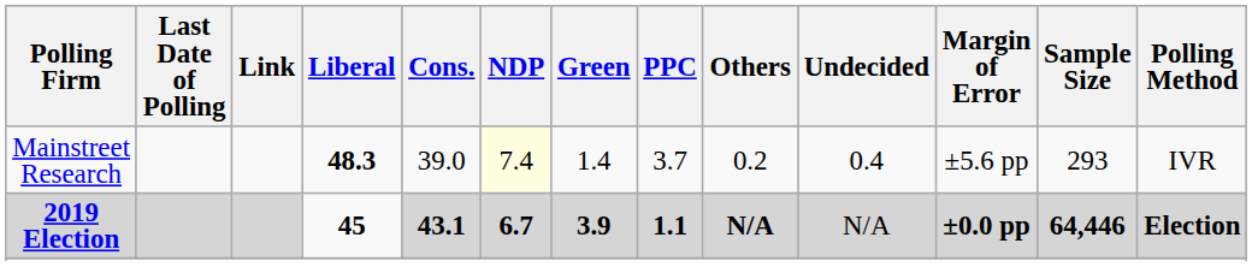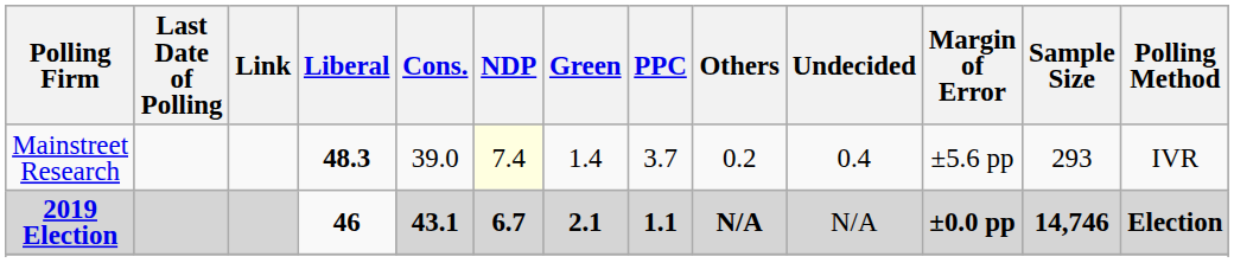 <table class="wikitable sortable" style="text-align:center;font-size:90%;line-height:14px;">
 <tr style="background:#e9e9e9;">
 <th style="width:120px">Polling Firm</th>
 <th style="width:110px">Last Date<br>of Polling</th>
 <th style="width:60px" class="unsortable">Link</th>
 <th style="background-color:"><a href='#'>Liberal</a></th>
 <th style="background-color:"><a href='#'>Cons.</a></th>
 <th style="background-color:"><a href='#'>NDP</a></th>
 <th style="background-color:"><a href='#'>Green</a></th>
 <th style="background-color:"><a href='#'><span>PPC</span></a></th>
 <th style="background-color:">Others</th>
 <th style="background-color:">Undecided</th>
 <th style="width:60px;" class=unsortable>Margin<br>of Error</th>
 <th style="width:50px;" class=unsortable>Sample<br>Size</th>
 <th class=unsortable>Polling Method</th>
 </tr>
 <tr>
 <td><a href='#'>Mainstreet Research</a></td>
 <td></td>
 <td></td>
 <td><strong>48.3</strong></td>
 <td>39.0</td>
 <td style="background: lightyellow;">7.4</td>
 <td>1.4</td>
 <td>3.7</td>
 <td>0.2</td>
 <td>0.4</td>
 <td>±5.6 pp</td>
 <td>293</td>
 <td>IVR</td>
 </tr>
 <tr>
 <td style="background:#D5D5D5"><strong><a href='#'>2019 Election</a></strong></td>
 <td style="background:#D5D5D5"><strong></strong></td>
 <td style="background:#D5D5D5"></td>
-<td><strong>45</strong></td>
+<td><strong>46</strong></td>
 <td style="background:#D5D5D5"><strong>43.1</strong></td>
 <td style="background:#D5D5D5"><strong>6.7</strong></td>
-<td style="background:#D5D5D5"><strong>3.9</strong></td>
+<td style="background:#D5D5D5"><strong>2.1</strong></td>
 <td style="background:#D5D5D5"><strong>1.1</strong></td>
 <td style="background:#D5D5D5"><strong>N/A</strong></td>
 <td style="background:#D5D5D5">N/A</td>
 <td style="background:#D5D5D5"><strong>±0.0 pp</strong></td>
-<td style="background:#D5D5D5"><strong>64,446</strong></td>
+<td style="background:#D5D5D5"><strong>14,746</strong></td>
 <td style="background:#D5D5D5"><strong>Election</strong></td>
 </tr>
 <tr>
 </tr>
 <tr>
 </tr>
 </table>
